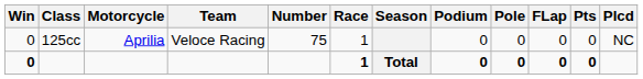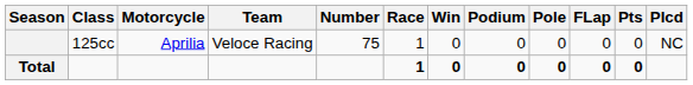 <table class="wikitable">
 <tr>
-<th>Win</th>
+<th>Season</th>
 <th>Class</th>
 <th>Motorcycle</th>
 <th>Team</th>
 <th>Number</th>
 <th>Race</th>
-<th>Season</th>
+<th>Win</th>
 <th>Podium</th>
 <th>Pole</th>
 <th>FLap</th>
 <th>Pts</th>
 <th>Plcd</th>
 </tr>
 <tr align="right">
-<td>0</td>
+<th></th>
 <td>125cc</td>
 <td><a href='#'>Aprilia</a></td>
 <td>Veloce Racing</td>
 <td>75</td>
 <td>1</td>
-<th></th>
+<td>0</td>
 <td>0</td>
 <td>0</td>
 <td>0</td>
 <td>0</td>
 <td>NC</td>
 </tr>
 <tr align="right">
-<td><strong>0</strong></td>
+<th>Total</th>
 <td></td>
 <td></td>
 <td></td>
 <td></td>
 <td><strong>1</strong></td>
-<th>Total</th>
+<td><strong>0</strong></td>
 <td><strong>0</strong></td>
 <td><strong>0</strong></td>
 <td><strong>0</strong></td>
 <td><strong>0</strong></td>
 <td></td>
 </tr>
 </table>
